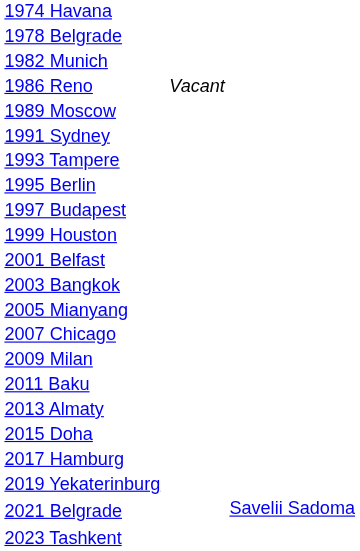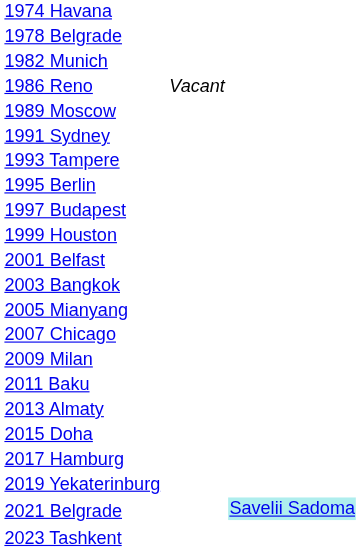 <table>
 <tr>
 <td rowspan=2><a href='#'>1974 Havana</a></td>
 <td rowspan=2></td>
 <td rowspan=2></td>
 <td></td>
 </tr>
 <tr>
 <td></td>
 </tr>
 <tr>
 <td rowspan=2><a href='#'>1978 Belgrade</a></td>
 <td rowspan=2></td>
 <td rowspan=2></td>
 <td></td>
 </tr>
 <tr>
 <td></td>
 </tr>
 <tr>
 <td rowspan=2><a href='#'>1982 Munich</a></td>
 <td rowspan=2></td>
 <td rowspan=2></td>
 <td></td>
 </tr>
 <tr>
 <td></td>
 </tr>
 <tr>
 <td rowspan=2><a href='#'>1986 Reno</a></td>
 <td rowspan=2></td>
 <td rowspan=2><em>Vacant</em></td>
 <td></td>
 </tr>
 <tr>
 <td></td>
 </tr>
 <tr>
 <td rowspan=2><a href='#'>1989 Moscow</a></td>
 <td rowspan=2></td>
 <td rowspan=2></td>
 <td></td>
 </tr>
 <tr>
 <td></td>
 </tr>
 <tr>
 <td rowspan=2><a href='#'>1991 Sydney</a></td>
 <td rowspan=2></td>
 <td rowspan=2></td>
 <td></td>
 </tr>
 <tr>
 <td></td>
 </tr>
 <tr>
 <td rowspan=2><a href='#'>1993 Tampere</a></td>
 <td rowspan=2></td>
 <td rowspan=2></td>
 <td></td>
 </tr>
 <tr>
 <td></td>
 </tr>
 <tr>
 <td rowspan=2><a href='#'>1995 Berlin</a></td>
 <td rowspan=2></td>
 <td rowspan=2></td>
 <td></td>
 </tr>
 <tr>
 <td></td>
 </tr>
 <tr>
 <td rowspan=2><a href='#'>1997 Budapest</a></td>
 <td rowspan=2></td>
 <td rowspan=2></td>
 <td></td>
 </tr>
 <tr>
 <td></td>
 </tr>
 <tr>
 <td rowspan=2><a href='#'>1999 Houston</a></td>
 <td rowspan=2></td>
 <td rowspan=2></td>
 <td></td>
 </tr>
 <tr>
 <td></td>
 </tr>
 <tr>
 <td rowspan=2><a href='#'>2001 Belfast</a></td>
 <td rowspan=2></td>
 <td rowspan=2></td>
 <td></td>
 </tr>
 <tr>
 <td></td>
 </tr>
 <tr>
 <td rowspan=2><a href='#'>2003 Bangkok</a></td>
 <td rowspan=2></td>
 <td rowspan=2></td>
 <td></td>
 </tr>
 <tr>
 <td></td>
 </tr>
 <tr>
 <td rowspan=2><a href='#'>2005 Mianyang</a></td>
 <td rowspan=2></td>
 <td rowspan=2></td>
 <td></td>
 </tr>
 <tr>
 <td></td>
 </tr>
 <tr>
 <td rowspan=2><a href='#'>2007 Chicago</a></td>
 <td rowspan=2></td>
 <td rowspan=2></td>
 <td></td>
 </tr>
 <tr>
 <td></td>
 </tr>
 <tr>
 <td rowspan=2><a href='#'>2009 Milan</a></td>
 <td rowspan=2></td>
 <td rowspan=2></td>
 <td></td>
 </tr>
 <tr>
 <td></td>
 </tr>
 <tr>
 <td rowspan=2><a href='#'>2011 Baku</a></td>
 <td rowspan=2></td>
 <td rowspan=2></td>
 <td></td>
 </tr>
 <tr>
 <td></td>
 </tr>
 <tr>
 <td rowspan=2><a href='#'>2013 Almaty</a></td>
 <td rowspan=2></td>
 <td rowspan=2></td>
 <td></td>
 </tr>
 <tr>
 <td></td>
 </tr>
 <tr>
 <td rowspan=2><a href='#'>2015 Doha</a></td>
 <td rowspan=2></td>
 <td rowspan=2></td>
 <td></td>
 </tr>
 <tr>
 <td></td>
 </tr>
 <tr>
 <td rowspan=2><a href='#'>2017 Hamburg</a></td>
 <td rowspan=2></td>
 <td rowspan=2></td>
 <td></td>
 </tr>
 <tr>
 <td></td>
 </tr>
 <tr>
 <td rowspan=2><a href='#'>2019 Yekaterinburg</a></td>
 <td rowspan=2></td>
 <td rowspan=2></td>
 <td></td>
 </tr>
 <tr>
 <td></td>
 </tr>
 <tr>
 <td rowspan=2><a href='#'>2021 Belgrade</a></td>
 <td rowspan=2></td>
 <td rowspan=2></td>
-<td> <a href='#'>Savelii Sadoma</a> </td>
+<td style="background: paleturquoise;"> <a href='#'>Savelii Sadoma</a> </td>
 </tr>
 <tr>
 <td></td>
 </tr>
 <tr>
 <td rowspan=2><a href='#'>2023 Tashkent</a></td>
 <td rowspan=2></td>
 <td rowspan=2></td>
 <td></td>
 </tr>
 <tr>
 <td></td>
 </tr>
 </table>
